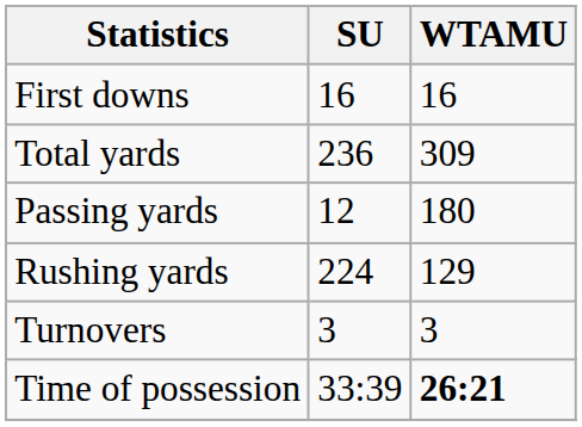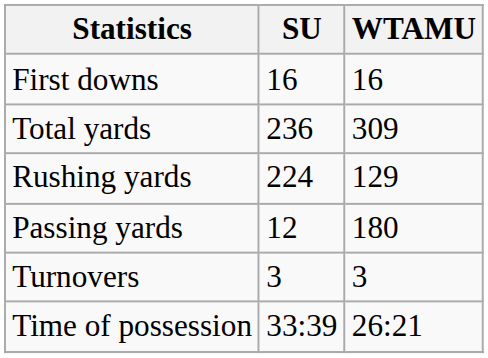 <table class="wikitable">
 <tr>
 <th>Statistics</th>
 <th>SU</th>
 <th>WTAMU</th>
 </tr>
 <tr>
 <td>First downs</td>
 <td>16</td>
 <td>16</td>
 </tr>
 <tr>
 <td>Total yards</td>
 <td>236</td>
 <td>309</td>
 </tr>
 <tr>
+<td>Rushing yards</td>
+<td>224</td>
+<td>129</td>
+</tr>
+<tr>
 <td>Passing yards</td>
 <td>12</td>
 <td>180</td>
-</tr>
-<tr>
-<td>Rushing yards</td>
-<td>224</td>
-<td>129</td>
 </tr>
 <tr>
 <td>Turnovers</td>
 <td>3</td>
 <td>3</td>
 </tr>
 <tr>
 <td>Time of possession</td>
 <td>33:39</td>
-<td><strong>26:21</strong></td>
+<td>26:21</td>
 </tr>
 <tr>
 </tr>
 </table>
